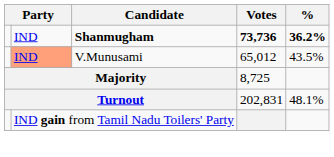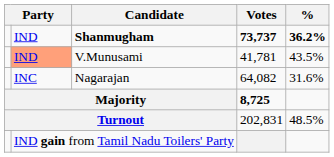 <table class="wikitable">
 <tr>
 <th colspan="2">Party</th>
 <th>Candidate</th>
 <th>Votes</th>
 <th>%</th>
 </tr>
 <tr>
 <td></td>
 <td><a href='#'>IND</a></td>
 <td><strong>Shanmugham</strong></td>
-<td><strong>73,736</strong></td>
+<td><strong>73,737</strong></td>
 <td><strong>36.2%</strong></td>
 </tr>
 <tr>
 <td></td>
 <td style="background: lightsalmon;"><a href='#'>IND</a></td>
 <td>V.Munusami</td>
-<td>65,012</td>
+<td>41,781</td>
 <td>43.5%</td>
 </tr>
 <tr>
+<td></td>
+<td><a href='#'>INC</a></td>
+<td>Nagarajan</td>
+<td>64,082</td>
+<td>31.6%</td>
+</tr>
+<tr>
 <th colspan="3">Majority</th>
-<td>8,725</td>
+<td><strong>8,725</strong></td>
 </tr>
 <tr>
 <th colspan="3"><a href='#'>Turnout</a></th>
 <td>202,831</td>
-<td>48.1%</td>
+<td>48.5%</td>
 </tr>
 <tr>
 <td></td>
 <td colspan="2"><a href='#'>IND</a> <strong>gain</strong> from <a href='#'>Tamil Nadu Toilers' Party</a></td>
 <th></th>
 <td></td>
 </tr>
 </table>
